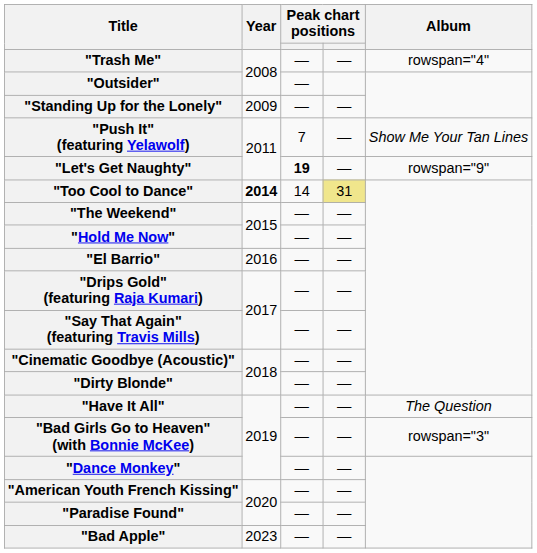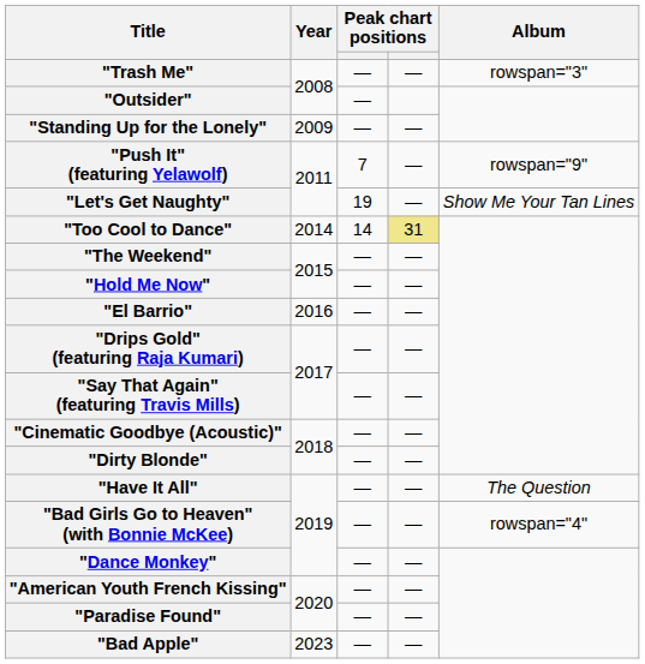 <table class="wikitable plainrowheaders" style="text-align:center;">
 <tr>
 <th scope="col" rowspan="2">Title</th>
 <th scope="col" rowspan="2">Year</th>
 <th scope="col" colspan="2">Peak chart positions</th>
 <th scope="col" rowspan="2">Album</th>
 </tr>
 <tr>
 <th scope="col" style="width:3em;font-size:85%;"></th>
 <th scope="col" style="width:3em;font-size:85%;"></th>
 </tr>
 <tr>
 <th scope="row">"Trash Me"</th>
 <td rowspan="2">2008</td>
 <td>—</td>
 <td>—</td>
-<td>rowspan="4" </td>
+<td>rowspan="3" </td>
 </tr>
 <tr>
 <th scope="row">"Outsider"</th>
 <td>—</td>
 <td></td>
 </tr>
 <tr>
 <th scope="row">"Standing Up for the Lonely"</th>
 <td>2009</td>
 <td>—</td>
 <td>—</td>
 </tr>
 <tr>
 <th scope="row">"Push It"<br><span>(featuring <a href='#'>Yelawolf</a>)</span></th>
 <td rowspan="2">2011</td>
 <td>7</td>
 <td>—</td>
+<td>rowspan="9" </td>
+</tr>
+<tr>
+<th scope="row">"Let's Get Naughty"</th>
+<td>19</td>
+<td>—</td>
 <td><em>Show Me Your Tan Lines</em></td>
 </tr>
 <tr>
-<th scope="row">"Let's Get Naughty"</th>
-<td><strong>19</strong></td>
-<td>—</td>
-<td>rowspan="9" </td>
-</tr>
-<tr>
 <th scope="row">"Too Cool to Dance"</th>
-<td><strong>2014</strong></td>
+<td>2014</td>
 <td>14</td>
 <td style="background: khaki;">31</td>
 </tr>
 <tr>
 <th scope="row">"The Weekend"</th>
 <td rowspan="2">2015</td>
 <td>—</td>
 <td>—</td>
 </tr>
 <tr>
 <th scope="row">"<a href='#'>Hold Me Now</a>"</th>
 <td>—</td>
 <td>—</td>
 </tr>
 <tr>
 <th scope="row">"El Barrio"</th>
 <td>2016</td>
 <td>—</td>
 <td>—</td>
 </tr>
 <tr>
 <th scope="row">"Drips Gold"<br><span>(featuring <a href='#'>Raja Kumari</a>)</span></th>
 <td rowspan="2">2017</td>
 <td>—</td>
 <td>—</td>
 </tr>
 <tr>
 <th scope="row">"Say That Again" <br><span>(featuring <a href='#'>Travis Mills</a>)</span></th>
 <td>—</td>
 <td>—</td>
 </tr>
 <tr>
 <th scope="row">"Cinematic Goodbye (Acoustic)"</th>
 <td rowspan="2">2018</td>
 <td>—</td>
 <td>—</td>
 </tr>
 <tr>
 <th scope="row">"Dirty Blonde"</th>
 <td>—</td>
 <td>—</td>
 </tr>
 <tr>
 <th scope="row">"Have It All"</th>
 <td rowspan="3">2019</td>
 <td>—</td>
 <td>—</td>
 <td><em>The Question</em></td>
 </tr>
 <tr>
 <th scope="row">"Bad Girls Go to Heaven" <br><span>(with <a href='#'>Bonnie McKee</a>)</span></th>
 <td>—</td>
 <td>—</td>
-<td>rowspan="3" </td>
+<td>rowspan="4" </td>
 </tr>
 <tr>
 <th scope="row">"<a href='#'>Dance Monkey</a>"</th>
 <td>—</td>
 <td>—</td>
 </tr>
 <tr>
 <th scope="row">"American Youth French Kissing"</th>
 <td rowspan="2">2020</td>
 <td>—</td>
 <td>—</td>
 </tr>
 <tr>
 <th scope="row">"Paradise Found"</th>
 <td>—</td>
 <td>—</td>
 </tr>
 <tr>
 <th scope="row">"Bad Apple"</th>
 <td rowspan="4">2023</td>
 <td>—</td>
 <td>—</td>
 </tr>
 </table>
